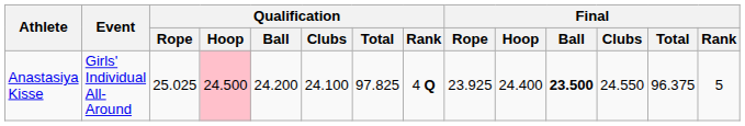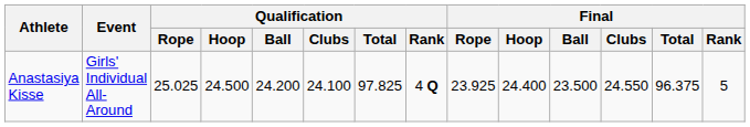 <table class="wikitable" border="1" style="font-size:90%">
 <tr>
 <th rowspan=2>Athlete</th>
 <th rowspan=2>Event</th>
 <th colspan=6>Qualification</th>
 <th colspan=6>Final</th>
 </tr>
 <tr>
 <th>Rope</th>
 <th>Hoop</th>
 <th>Ball</th>
 <th>Clubs</th>
 <th>Total</th>
 <th>Rank</th>
 <th>Rope</th>
 <th>Hoop</th>
 <th>Ball</th>
 <th>Clubs</th>
 <th>Total</th>
 <th>Rank</th>
 </tr>
 <tr>
 <td><a href='#'>Anastasiya Kisse</a></td>
 <td><a href='#'>Girls' Individual All-Around</a></td>
 <td align=center>25.025</td>
-<td align=center style="background: pink;">24.500</td>
+<td align=center>24.500</td>
 <td align=center>24.200</td>
 <td align=center>24.100</td>
 <td align=center>97.825</td>
 <td align=center>4 <strong>Q</strong></td>
 <td align=center>23.925</td>
 <td align=center>24.400</td>
-<td align=center><strong>23.500</strong></td>
+<td align=center>23.500</td>
 <td align=center>24.550</td>
 <td align=center>96.375</td>
 <td align=center>5</td>
 </tr>
 </table>
